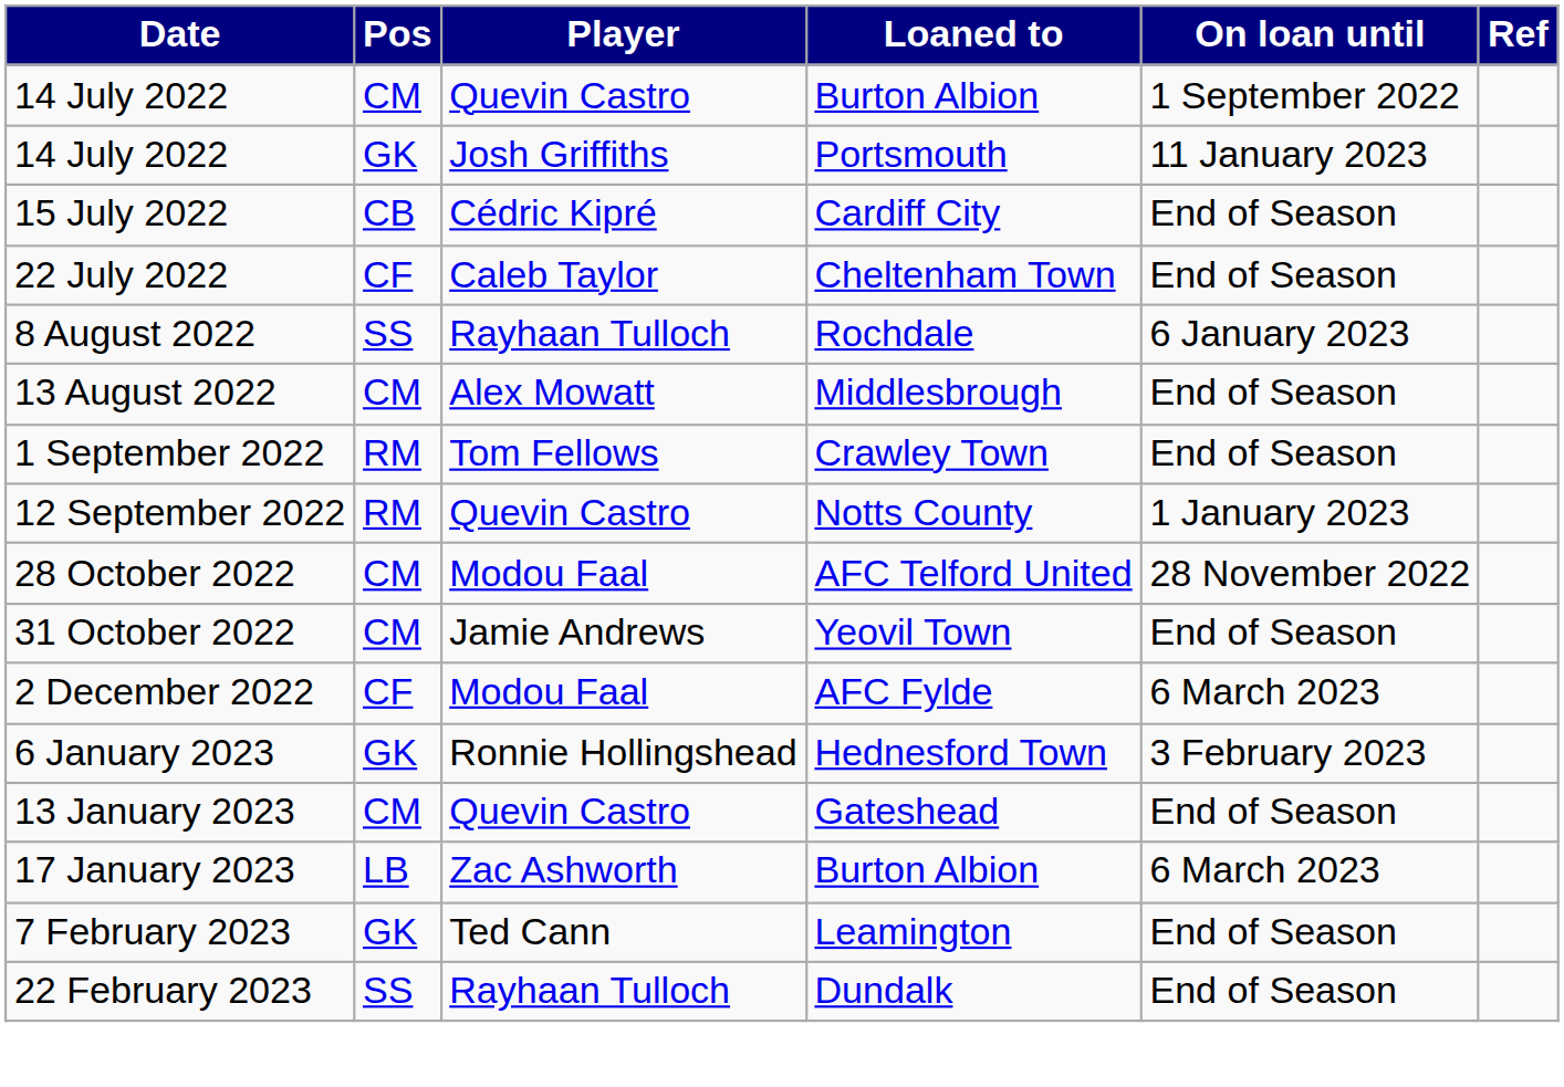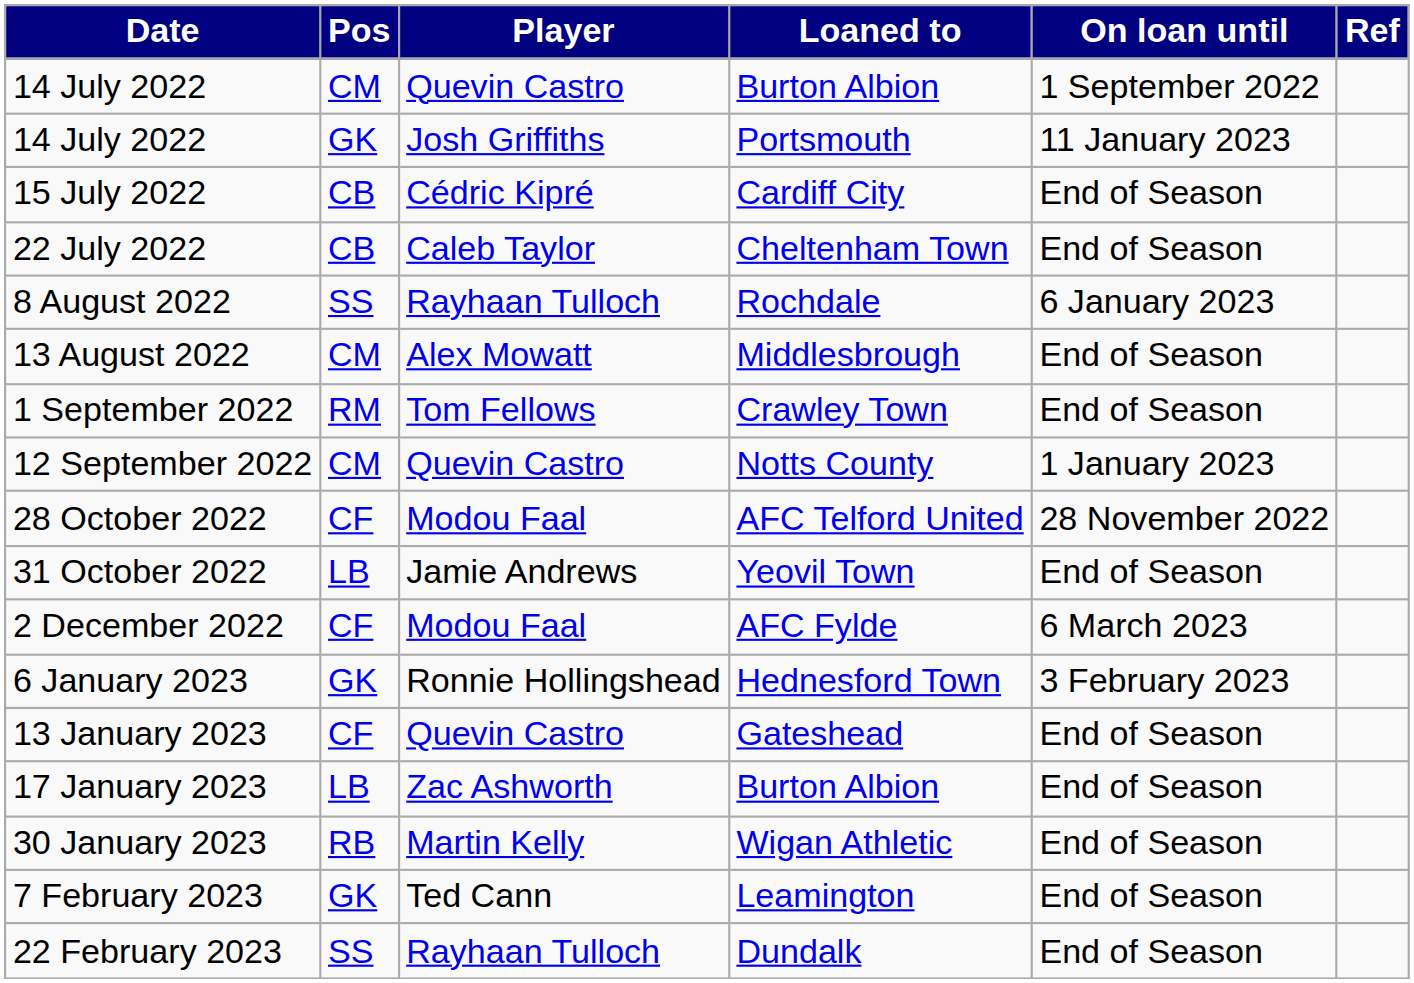 <table class="wikitable plainrowheaders sortable">
 <tr>
 <th style="background:#000080; color:#FFFFFF; ">Date</th>
 <th style="background:#000080; color:#FFFFFF; ">Pos</th>
 <th style="background:#000080; color:#FFFFFF; ">Player</th>
 <th style="background:#000080; color:#FFFFFF; ">Loaned to</th>
 <th style="background:#000080; color:#FFFFFF; ">On loan until</th>
 <th style="background:#000080; color:#FFFFFF; ">Ref</th>
 </tr>
 <tr>
 <td>14 July 2022</td>
 <td><a href='#'>CM</a></td>
 <td> <a href='#'>Quevin Castro</a></td>
 <td> <a href='#'>Burton Albion</a></td>
 <td>1 September 2022</td>
 <td></td>
 </tr>
 <tr>
 <td>14 July 2022</td>
 <td><a href='#'>GK</a></td>
 <td> <a href='#'>Josh Griffiths</a></td>
 <td> <a href='#'>Portsmouth</a></td>
 <td>11 January 2023</td>
 <td></td>
 </tr>
 <tr>
 <td>15 July 2022</td>
 <td><a href='#'>CB</a></td>
 <td> <a href='#'>Cédric Kipré</a></td>
 <td> <a href='#'>Cardiff City</a></td>
 <td>End of Season</td>
 <td></td>
 </tr>
 <tr>
 <td>22 July 2022</td>
-<td><a href='#'>CF</a></td>
+<td><a href='#'>CB</a></td>
 <td> <a href='#'>Caleb Taylor</a></td>
 <td> <a href='#'>Cheltenham Town</a></td>
 <td>End of Season</td>
 <td></td>
 </tr>
 <tr>
 <td>8 August 2022</td>
 <td><a href='#'>SS</a></td>
 <td> <a href='#'>Rayhaan Tulloch</a></td>
 <td> <a href='#'>Rochdale</a></td>
 <td>6 January 2023</td>
 <td></td>
 </tr>
 <tr>
 <td>13 August 2022</td>
 <td><a href='#'>CM</a></td>
 <td> <a href='#'>Alex Mowatt</a></td>
 <td> <a href='#'>Middlesbrough</a></td>
 <td>End of Season</td>
 <td></td>
 </tr>
 <tr>
 <td>1 September 2022</td>
 <td><a href='#'>RM</a></td>
 <td> <a href='#'>Tom Fellows</a></td>
 <td> <a href='#'>Crawley Town</a></td>
 <td>End of Season</td>
 <td></td>
 </tr>
 <tr>
 <td>12 September 2022</td>
-<td><a href='#'>RM</a></td>
+<td><a href='#'>CM</a></td>
 <td> <a href='#'>Quevin Castro</a></td>
 <td> <a href='#'>Notts County</a></td>
 <td>1 January 2023</td>
 <td></td>
 </tr>
 <tr>
 <td>28 October 2022</td>
-<td><a href='#'>CM</a></td>
+<td><a href='#'>CF</a></td>
 <td> <a href='#'>Modou Faal</a></td>
 <td> <a href='#'>AFC Telford United</a></td>
 <td>28 November 2022</td>
 <td></td>
 </tr>
 <tr>
 <td>31 October 2022</td>
-<td><a href='#'>CM</a></td>
+<td><a href='#'>LB</a></td>
 <td> Jamie Andrews</td>
 <td> <a href='#'>Yeovil Town</a></td>
 <td>End of Season</td>
 <td></td>
 </tr>
 <tr>
 <td>2 December 2022</td>
 <td><a href='#'>CF</a></td>
 <td> <a href='#'>Modou Faal</a></td>
 <td> <a href='#'>AFC Fylde</a></td>
 <td>6 March 2023</td>
 <td></td>
 </tr>
 <tr>
 <td>6 January 2023</td>
 <td><a href='#'>GK</a></td>
 <td> Ronnie Hollingshead</td>
 <td> <a href='#'>Hednesford Town</a></td>
 <td>3 February 2023</td>
 <td></td>
 </tr>
 <tr>
 <td>13 January 2023</td>
-<td><a href='#'>CM</a></td>
+<td><a href='#'>CF</a></td>
 <td> <a href='#'>Quevin Castro</a></td>
 <td> <a href='#'>Gateshead</a></td>
 <td>End of Season</td>
 <td></td>
 </tr>
 <tr>
 <td>17 January 2023</td>
 <td><a href='#'>LB</a></td>
 <td> <a href='#'>Zac Ashworth</a></td>
 <td> <a href='#'>Burton Albion</a></td>
-<td>6 March 2023</td>
+<td>End of Season</td>
+<td></td>
+</tr>
+<tr>
+<td>30 January 2023</td>
+<td><a href='#'>RB</a></td>
+<td> <a href='#'>Martin Kelly</a></td>
+<td> <a href='#'>Wigan Athletic</a></td>
+<td>End of Season</td>
 <td></td>
 </tr>
 <tr>
 <td>7 February 2023</td>
 <td><a href='#'>GK</a></td>
 <td> Ted Cann</td>
 <td> <a href='#'>Leamington</a></td>
 <td>End of Season</td>
 <td></td>
 </tr>
 <tr>
 <td>22 February 2023</td>
 <td><a href='#'>SS</a></td>
 <td> <a href='#'>Rayhaan Tulloch</a></td>
 <td> <a href='#'>Dundalk</a></td>
 <td>End of Season</td>
 <td></td>
 </tr>
 </table>
